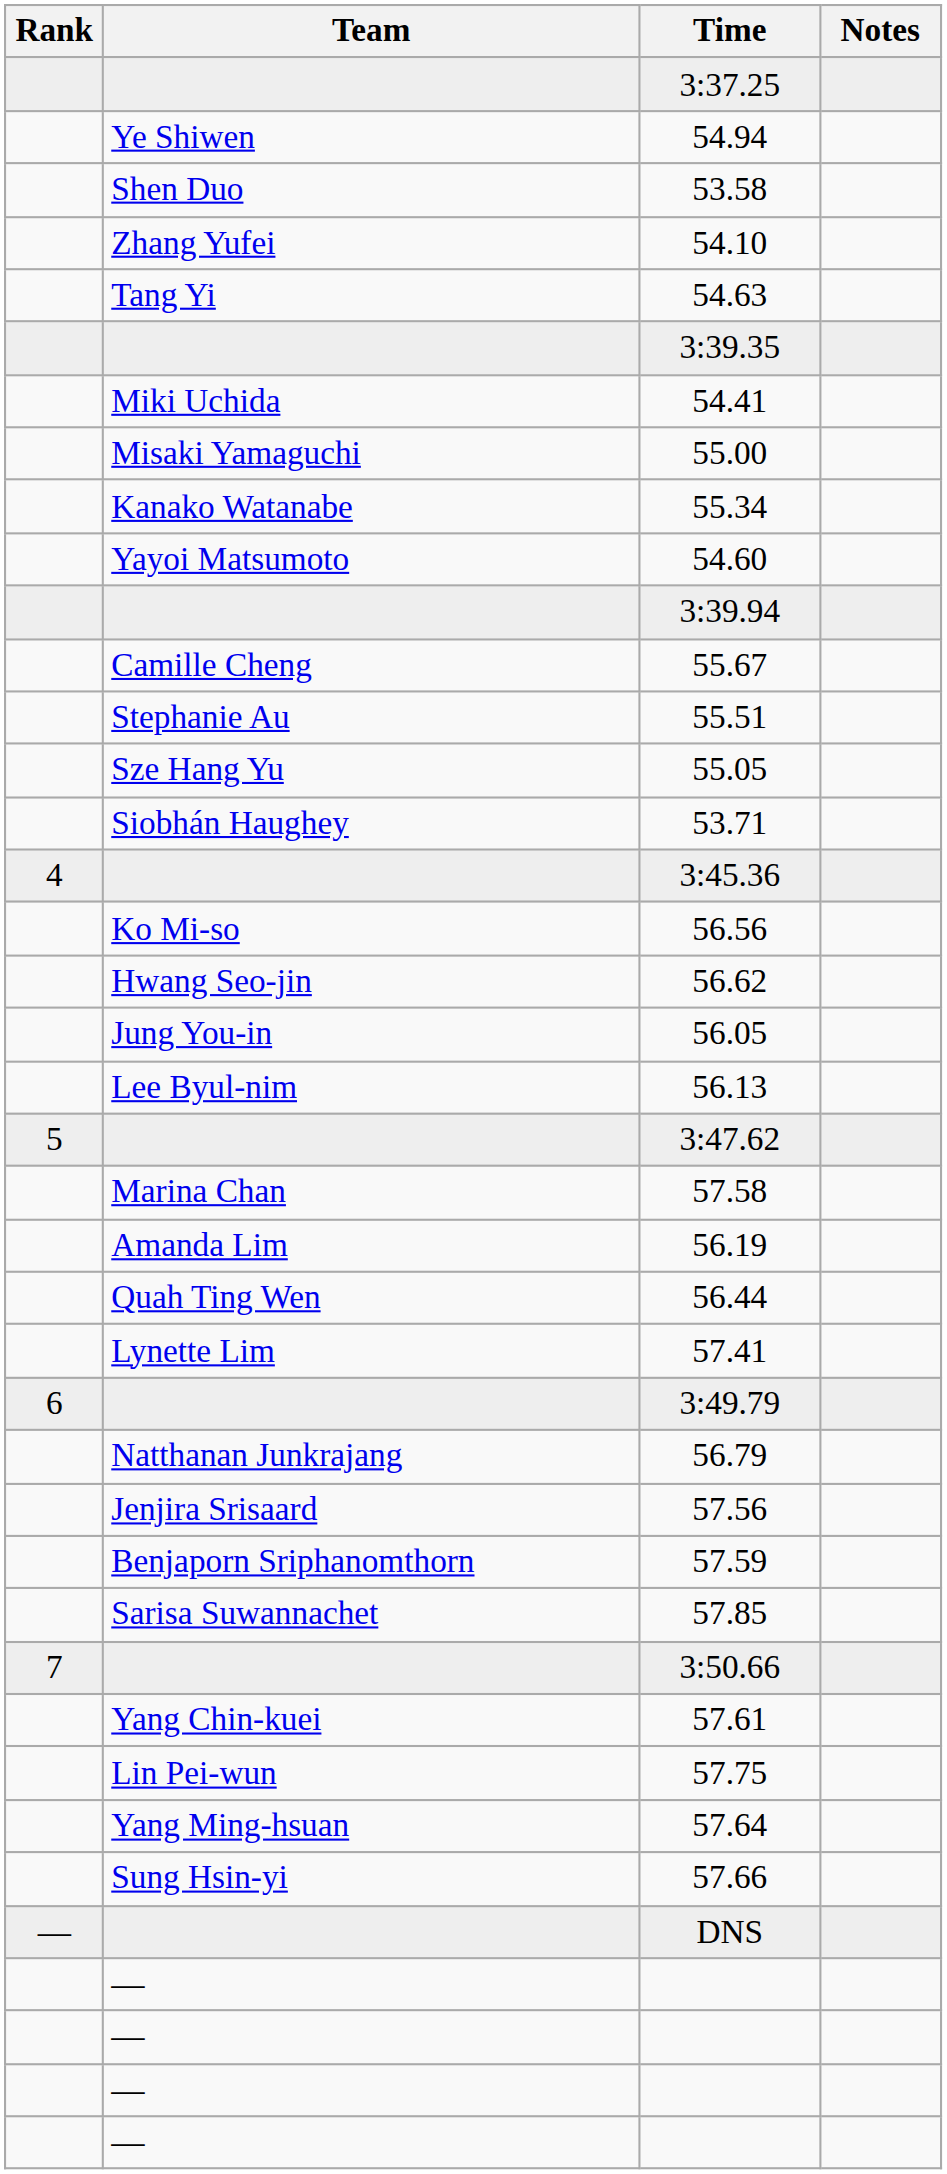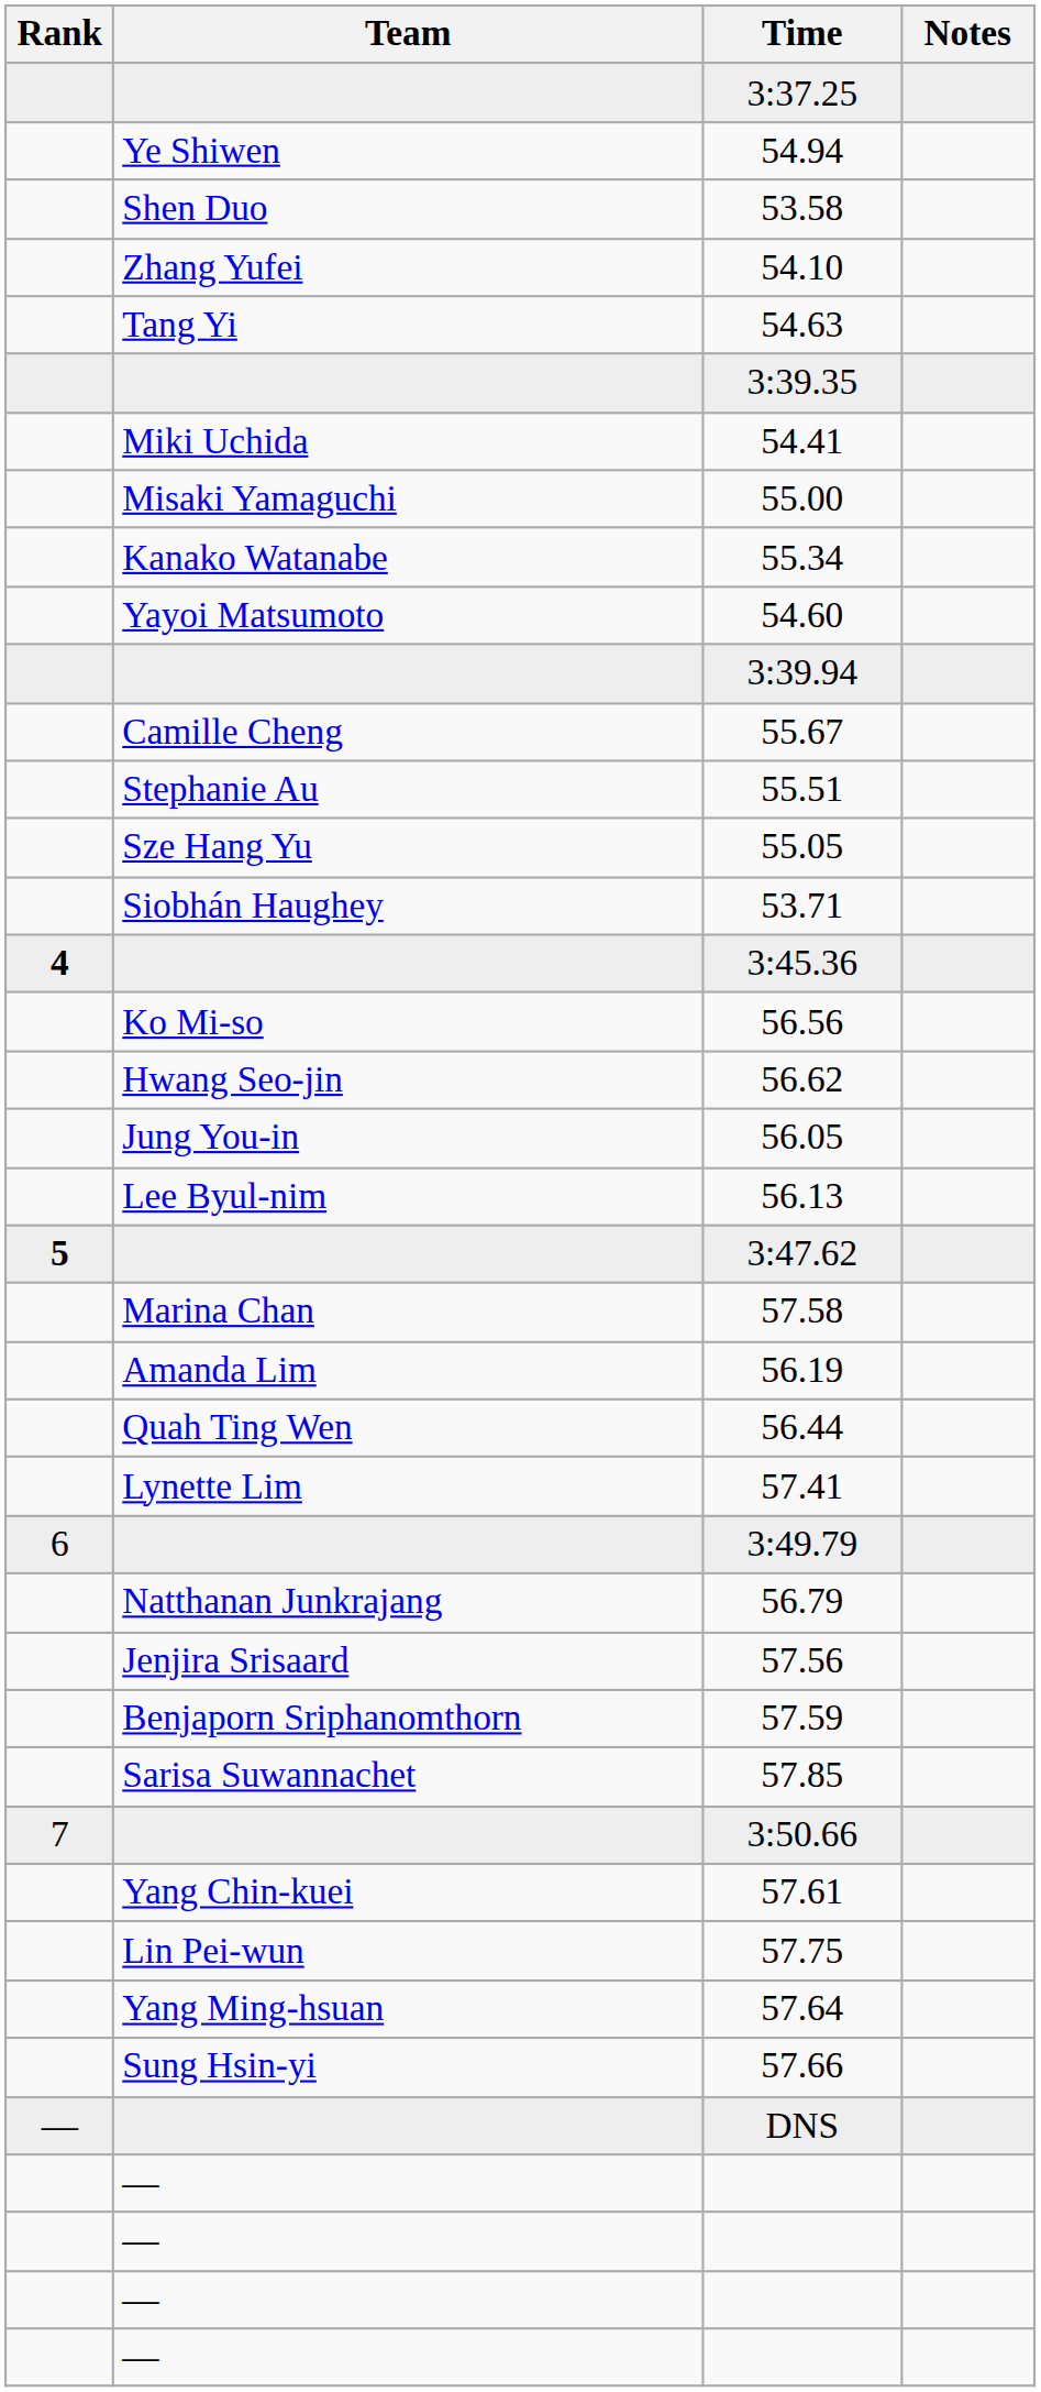 <table class="wikitable" style="text-align:center">
 <tr>
 <th width=40>Rank</th>
 <th width=250>Team</th>
 <th width=80>Time</th>
 <th width=50>Notes</th>
 </tr>
 <tr bgcolor=eeeeee>
 <td></td>
 <td align=left></td>
 <td>3:37.25</td>
 <td></td>
 </tr>
 <tr>
 <td></td>
 <td align=left><a href='#'>Ye Shiwen</a></td>
 <td>54.94</td>
 <td></td>
 </tr>
 <tr>
 <td></td>
 <td align=left><a href='#'>Shen Duo</a></td>
 <td>53.58</td>
 <td></td>
 </tr>
 <tr>
 <td></td>
 <td align=left><a href='#'>Zhang Yufei</a></td>
 <td>54.10</td>
 <td></td>
 </tr>
 <tr>
 <td></td>
 <td align=left><a href='#'>Tang Yi</a></td>
 <td>54.63</td>
 <td></td>
 </tr>
 <tr bgcolor=eeeeee>
 <td></td>
 <td align=left></td>
 <td>3:39.35</td>
 <td></td>
 </tr>
 <tr>
 <td></td>
 <td align=left><a href='#'>Miki Uchida</a></td>
 <td>54.41</td>
 <td></td>
 </tr>
 <tr>
 <td></td>
 <td align=left><a href='#'>Misaki Yamaguchi</a></td>
 <td>55.00</td>
 <td></td>
 </tr>
 <tr>
 <td></td>
 <td align=left><a href='#'>Kanako Watanabe</a></td>
 <td>55.34</td>
 <td></td>
 </tr>
 <tr>
 <td></td>
 <td align=left><a href='#'>Yayoi Matsumoto</a></td>
 <td>54.60</td>
 <td></td>
 </tr>
 <tr bgcolor=eeeeee>
 <td></td>
 <td align=left></td>
 <td>3:39.94</td>
 <td></td>
 </tr>
 <tr>
 <td></td>
 <td align=left><a href='#'>Camille Cheng</a></td>
 <td>55.67</td>
 <td></td>
 </tr>
 <tr>
 <td></td>
 <td align=left><a href='#'>Stephanie Au</a></td>
 <td>55.51</td>
 <td></td>
 </tr>
 <tr>
 <td></td>
 <td align=left><a href='#'>Sze Hang Yu</a></td>
 <td>55.05</td>
 <td></td>
 </tr>
 <tr>
 <td></td>
 <td align=left><a href='#'>Siobhán Haughey</a></td>
 <td>53.71</td>
 <td></td>
 </tr>
 <tr bgcolor=eeeeee>
-<td>4</td>
+<td><strong>4</strong></td>
 <td align=left></td>
 <td>3:45.36</td>
 <td></td>
 </tr>
 <tr>
 <td></td>
 <td align=left><a href='#'>Ko Mi-so</a></td>
 <td>56.56</td>
 <td></td>
 </tr>
 <tr>
 <td></td>
 <td align=left><a href='#'>Hwang Seo-jin</a></td>
 <td>56.62</td>
 <td></td>
 </tr>
 <tr>
 <td></td>
 <td align=left><a href='#'>Jung You-in</a></td>
 <td>56.05</td>
 <td></td>
 </tr>
 <tr>
 <td></td>
 <td align=left><a href='#'>Lee Byul-nim</a></td>
 <td>56.13</td>
 <td></td>
 </tr>
 <tr bgcolor=eeeeee>
-<td>5</td>
+<td><strong>5</strong></td>
 <td align=left></td>
 <td>3:47.62</td>
 <td></td>
 </tr>
 <tr>
 <td></td>
 <td align=left><a href='#'>Marina Chan</a></td>
 <td>57.58</td>
 <td></td>
 </tr>
 <tr>
 <td></td>
 <td align=left><a href='#'>Amanda Lim</a></td>
 <td>56.19</td>
 <td></td>
 </tr>
 <tr>
 <td></td>
 <td align=left><a href='#'>Quah Ting Wen</a></td>
 <td>56.44</td>
 <td></td>
 </tr>
 <tr>
 <td></td>
 <td align=left><a href='#'>Lynette Lim</a></td>
 <td>57.41</td>
 <td></td>
 </tr>
 <tr bgcolor=eeeeee>
 <td>6</td>
 <td align=left></td>
 <td>3:49.79</td>
 <td></td>
 </tr>
 <tr>
 <td></td>
 <td align=left><a href='#'>Natthanan Junkrajang</a></td>
 <td>56.79</td>
 <td></td>
 </tr>
 <tr>
 <td></td>
 <td align=left><a href='#'>Jenjira Srisaard</a></td>
 <td>57.56</td>
 <td></td>
 </tr>
 <tr>
 <td></td>
 <td align=left><a href='#'>Benjaporn Sriphanomthorn</a></td>
 <td>57.59</td>
 <td></td>
 </tr>
 <tr>
 <td></td>
 <td align=left><a href='#'>Sarisa Suwannachet</a></td>
 <td>57.85</td>
 <td></td>
 </tr>
 <tr bgcolor=eeeeee>
 <td>7</td>
 <td align=left></td>
 <td>3:50.66</td>
 <td></td>
 </tr>
 <tr>
 <td></td>
 <td align=left><a href='#'>Yang Chin-kuei</a></td>
 <td>57.61</td>
 <td></td>
 </tr>
 <tr>
 <td></td>
 <td align=left><a href='#'>Lin Pei-wun</a></td>
 <td>57.75</td>
 <td></td>
 </tr>
 <tr>
 <td></td>
 <td align=left><a href='#'>Yang Ming-hsuan</a></td>
 <td>57.64</td>
 <td></td>
 </tr>
 <tr>
 <td></td>
 <td align=left><a href='#'>Sung Hsin-yi</a></td>
 <td>57.66</td>
 <td></td>
 </tr>
 <tr bgcolor=eeeeee>
 <td>—</td>
 <td align=left></td>
 <td>DNS</td>
 <td></td>
 </tr>
 <tr>
 <td></td>
 <td align=left>—</td>
 <td></td>
 <td></td>
 </tr>
 <tr>
 <td></td>
 <td align=left>—</td>
 <td></td>
 <td></td>
 </tr>
 <tr>
 <td></td>
 <td align=left>—</td>
 <td></td>
 <td></td>
 </tr>
 <tr>
 <td></td>
 <td align=left>—</td>
 <td></td>
 <td></td>
 </tr>
 </table>
